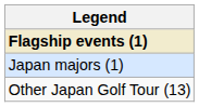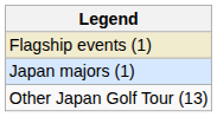 <table class="wikitable" style="font-size:95%;">
 <tr>
 <th>Legend</th>
 </tr>
 <tr style="background:#f2ecce;">
-<td><strong>Flagship events (1)</strong></td>
+<td>Flagship events (1)</td>
 </tr>
 <tr style="background:#D6E8FF;">
 <td>Japan majors (1)</td>
 </tr>
 <tr>
 <td>Other Japan Golf Tour (13)</td>
 </tr>
 </table>
